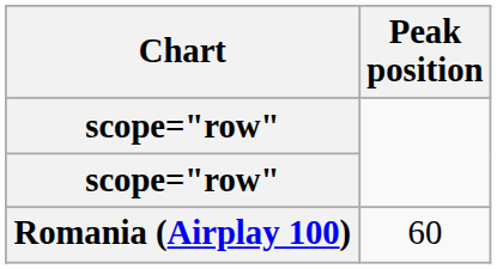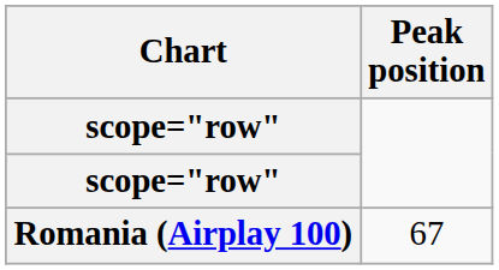 <table class="wikitable sortable plainrowheaders">
 <tr>
 <th align="left">Chart</th>
 <th align="center">Peak<br>position</th>
 </tr>
 <tr>
 <th>scope="row"</th>
 </tr>
 <tr>
 <th>scope="row"</th>
 </tr>
 <tr>
 <th scope="row">Romania (<a href='#'>Airplay 100</a>)</th>
-<td align="center">60</td>
+<td align="center">67</td>
 </tr>
 </table>
